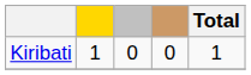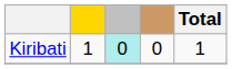 <table class="wikitable">
 <tr>
 <th></th>
 <th style="background-color:gold">        </th>
 <th style="background-color:silver">      </th>
 <th style="background-color:#CC9966">      </th>
 <th>Total</th>
 </tr>
 <tr align="center">
 <td> <a href='#'>Kiribati</a></td>
 <td>1</td>
-<td>0</td>
+<td style="background: paleturquoise;">0</td>
 <td>0</td>
 <td>1</td>
 </tr>
 <tr>
 </tr>
 </table>
